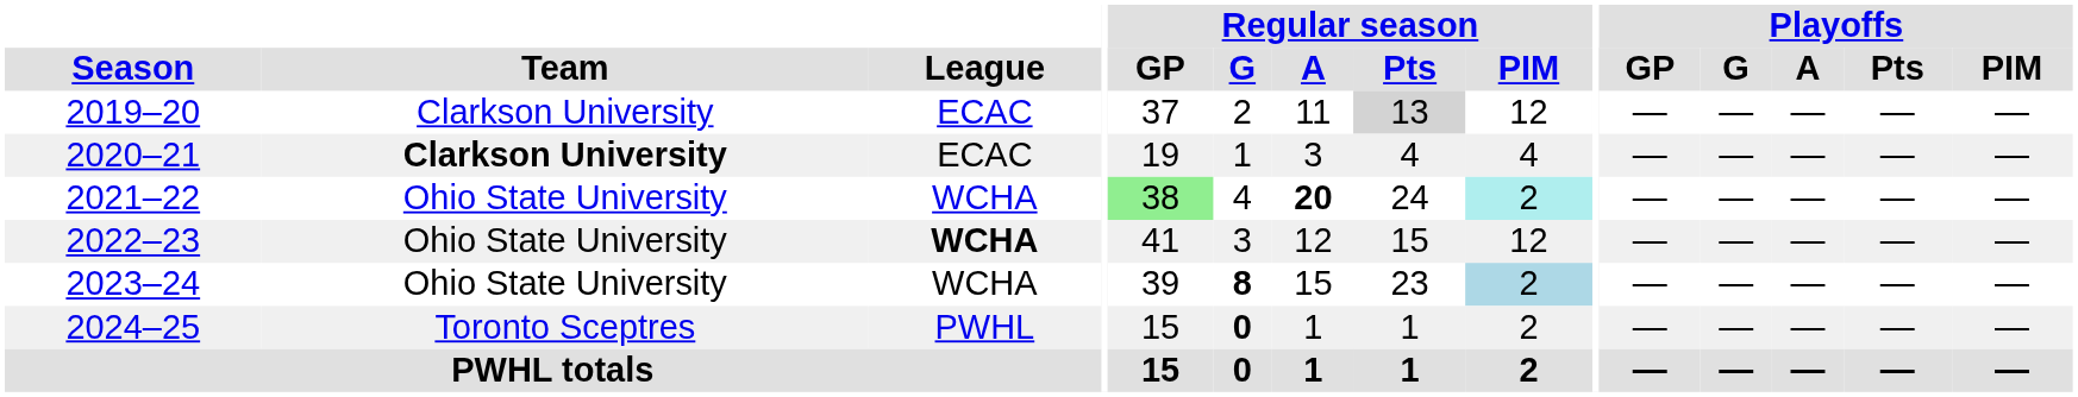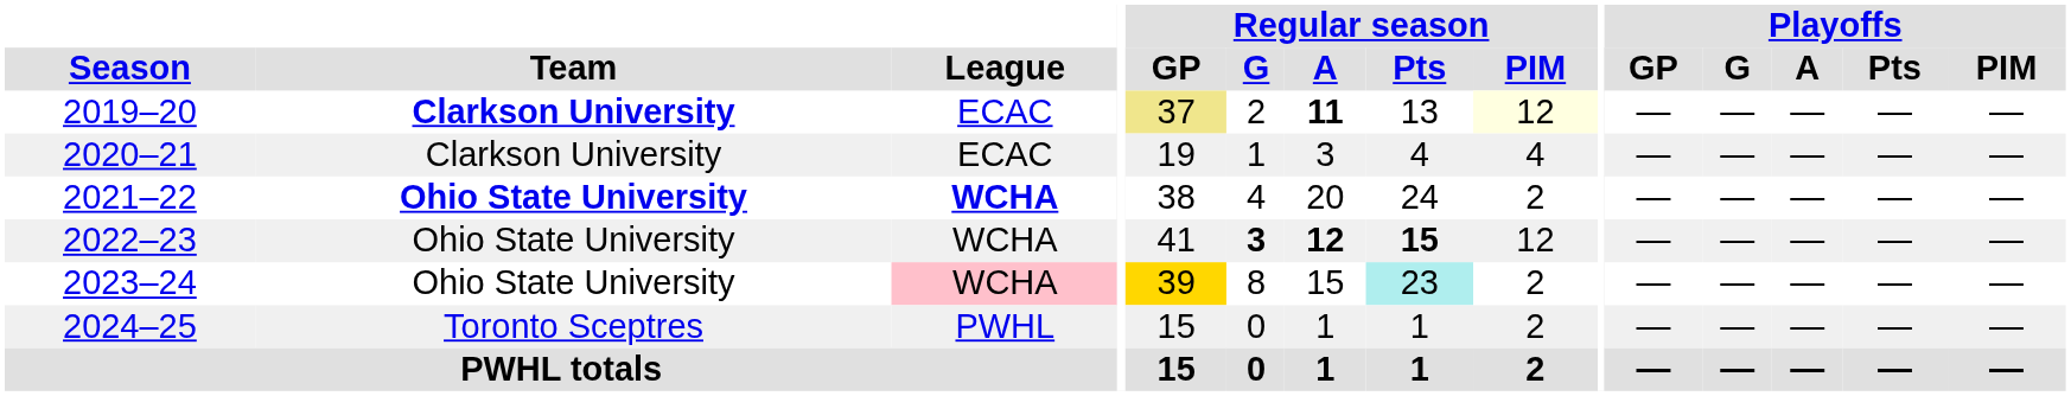 <table border="0" cellpadding="1" cellspacing="0" style="text-align:center; width:60em">
 <tr bgcolor="#e0e0e0">
 <th colspan="3" bgcolor="#ffffff"></th>
 <th rowspan="97" bgcolor="#ffffff"></th>
 <th colspan="5"><a href='#'>Regular season</a></th>
 <th rowspan="97" bgcolor="#ffffff"></th>
 <th colspan="5"><a href='#'>Playoffs</a></th>
 </tr>
 <tr bgcolor="#e0e0e0">
 <th><a href='#'>Season</a></th>
 <th>Team</th>
 <th>League</th>
 <th>GP</th>
 <th><a href='#'>G</a></th>
 <th><a href='#'>A</a></th>
 <th><a href='#'>Pts</a></th>
 <th><a href='#'>PIM</a></th>
 <th>GP</th>
 <th>G</th>
 <th>A</th>
 <th>Pts</th>
 <th>PIM</th>
 </tr>
 <tr>
 <td><a href='#'>2019–20</a></td>
-<td><a href='#'>Clarkson University</a></td>
+<td><strong><a href='#'>Clarkson University</a></strong></td>
 <td><a href='#'>ECAC</a></td>
-<td>37</td>
+<td style="background: khaki;">37</td>
 <td>2</td>
-<td>11</td>
-<td style="background: lightgrey;">13</td>
-<td>12</td>
+<td><strong>11</strong></td>
+<td>13</td>
+<td style="background: lightyellow;">12</td>
 <td>—</td>
 <td>—</td>
 <td>—</td>
 <td>—</td>
 <td>—</td>
 </tr>
 <tr bgcolor="#f0f0f0">
 <td><a href='#'>2020–21</a></td>
-<td><strong>Clarkson University</strong></td>
+<td>Clarkson University</td>
 <td>ECAC</td>
 <td>19</td>
 <td>1</td>
 <td>3</td>
 <td>4</td>
 <td>4</td>
 <td>—</td>
 <td>—</td>
 <td>—</td>
 <td>—</td>
 <td>—</td>
 </tr>
 <tr>
 <td><a href='#'>2021–22</a></td>
-<td><a href='#'>Ohio State University</a></td>
-<td><a href='#'>WCHA</a></td>
-<td style="background: lightgreen;">38</td>
+<td><strong><a href='#'>Ohio State University</a></strong></td>
+<td><strong><a href='#'>WCHA</a></strong></td>
+<td>38</td>
 <td>4</td>
-<td><strong>20</strong></td>
+<td>20</td>
 <td>24</td>
-<td style="background: paleturquoise;">2</td>
+<td>2</td>
 <td>—</td>
 <td>—</td>
 <td>—</td>
 <td>—</td>
 <td>—</td>
 </tr>
 <tr bgcolor="#f0f0f0">
 <td><a href='#'>2022–23</a></td>
 <td>Ohio State University</td>
-<td><strong>WCHA</strong></td>
+<td>WCHA</td>
 <td>41</td>
-<td>3</td>
-<td>12</td>
-<td>15</td>
+<td><strong>3</strong></td>
+<td><strong>12</strong></td>
+<td><strong>15</strong></td>
 <td>12</td>
 <td>—</td>
 <td>—</td>
 <td>—</td>
 <td>—</td>
 <td>—</td>
 </tr>
 <tr>
 <td><a href='#'>2023–24</a></td>
 <td>Ohio State University</td>
-<td>WCHA</td>
-<td>39</td>
-<td><strong>8</strong></td>
+<td style="background: pink;">WCHA</td>
+<td style="background: gold;">39</td>
+<td>8</td>
 <td>15</td>
-<td>23</td>
-<td style="background: lightblue;">2</td>
+<td style="background: paleturquoise;">23</td>
+<td>2</td>
 <td>—</td>
 <td>—</td>
 <td>—</td>
 <td>—</td>
 <td>—</td>
 </tr>
 <tr bgcolor="#f0f0f0">
 <td><a href='#'>2024–25</a></td>
 <td><a href='#'>Toronto Sceptres</a></td>
 <td><a href='#'>PWHL</a></td>
 <td>15</td>
-<td><strong>0</strong></td>
+<td>0</td>
 <td>1</td>
 <td>1</td>
 <td>2</td>
 <td>—</td>
 <td>—</td>
 <td>—</td>
 <td>—</td>
 <td>—</td>
 </tr>
 <tr bgcolor="#e0e0e0">
 <th colspan="3">PWHL totals</th>
 <th>15</th>
 <th>0</th>
 <th>1</th>
 <th>1</th>
 <th>2</th>
 <th>—</th>
 <th>—</th>
 <th>—</th>
 <th>—</th>
 <th>—</th>
 </tr>
 </table>
